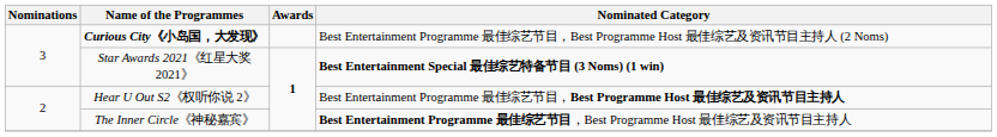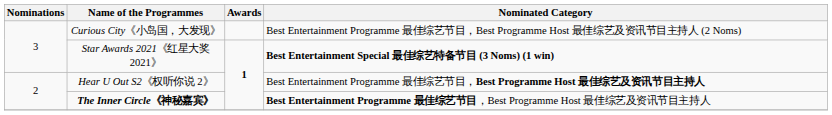 <table class="wikitable" style="text-align:center;"background: #FFC433;>
 <tr Television programmes which received multiple nominations>
 <th scope="col" width="40">Nominations</th>
 <th scope="col" width="300">Name of the Programmes</th>
 <th scope="col" width="40">Awards</th>
 <th scope="col" width="1200">Nominated Category</th>
 </tr>
 <tr>
 <td rowspan=2 style="text-align:center">3</td>
-<td><strong><em>Curious City</em>《小岛国，大发现》</strong></td>
+<td><em>Curious City</em>《小岛国，大发现》</td>
 <td></td>
 <td align=left>Best Entertainment Programme 最佳综艺节目，Best Programme Host 最佳综艺及资讯节目主持人 (2 Noms)</td>
 </tr>
 <tr>
 <td><em>Star Awards 2021</em>《红星大奖2021》</td>
 <td rowspan=3  style="text-align:center"><strong> 1</strong></td>
 <td align=left><strong>Best Entertainment Special 最佳综艺特备节目 (3 Noms) (1 win)</strong></td>
 </tr>
 <tr>
 <td rowspan=2 style="text-align:center">2</td>
 <td><em>Hear U Out S2</em>《权听你说 2》</td>
 <td align=left>Best Entertainment Programme 最佳综艺节目，<strong>Best Programme Host 最佳综艺及资讯节目主持人</strong></td>
 </tr>
 <tr>
-<td><em>The Inner Circle</em>《神秘嘉宾》</td>
+<td><strong><em>The Inner Circle</em>《神秘嘉宾》</strong></td>
 <td align=left><strong>Best Entertainment Programme 最佳综艺节目</strong>，Best Programme Host 最佳综艺及资讯节目主持人</td>
 </tr>
 <tr>
 </tr>
 </table>
